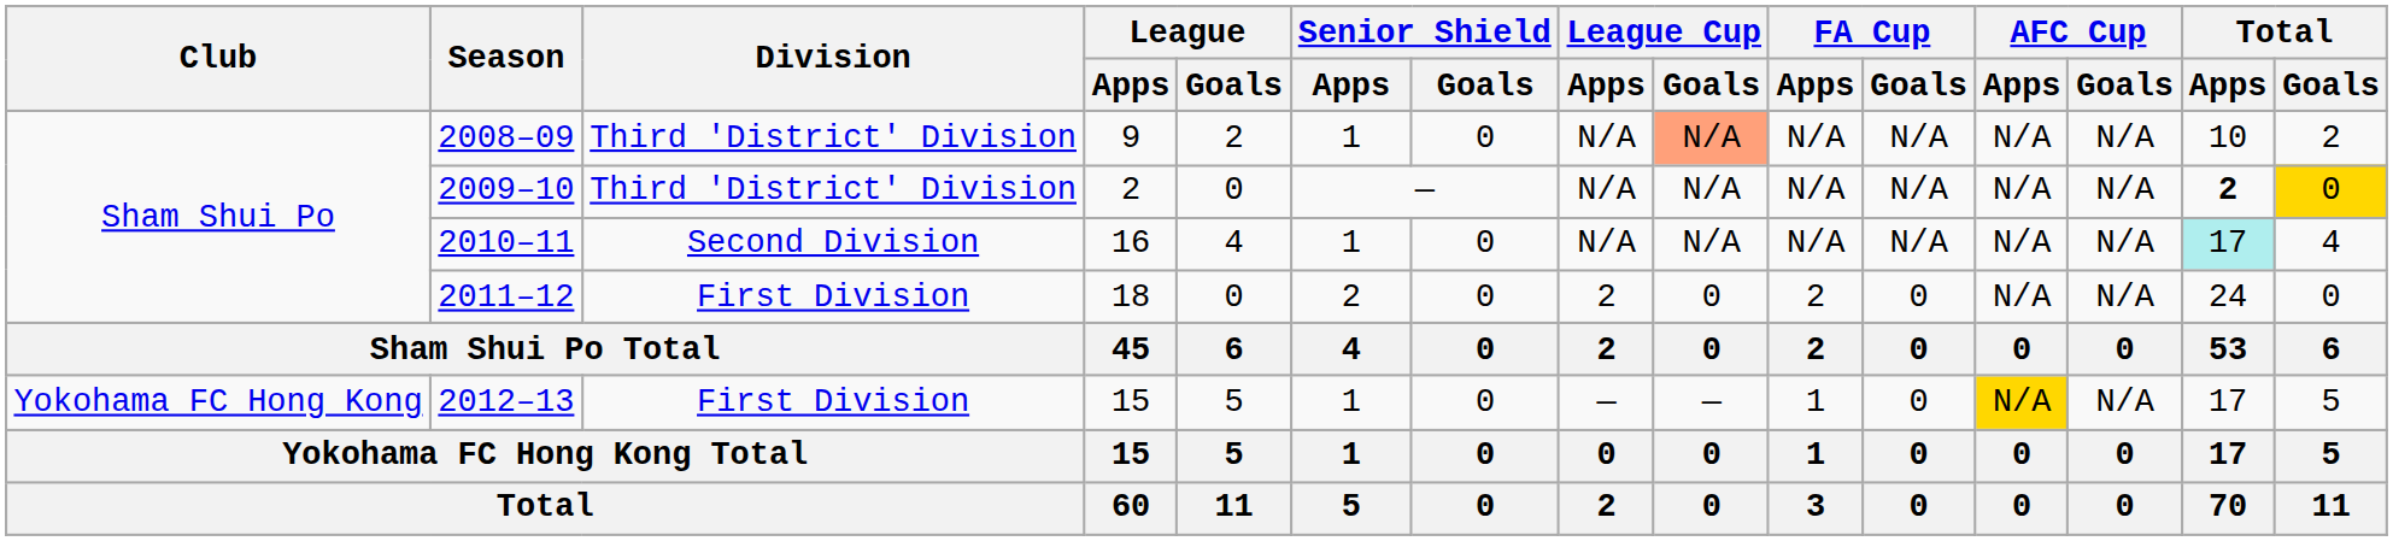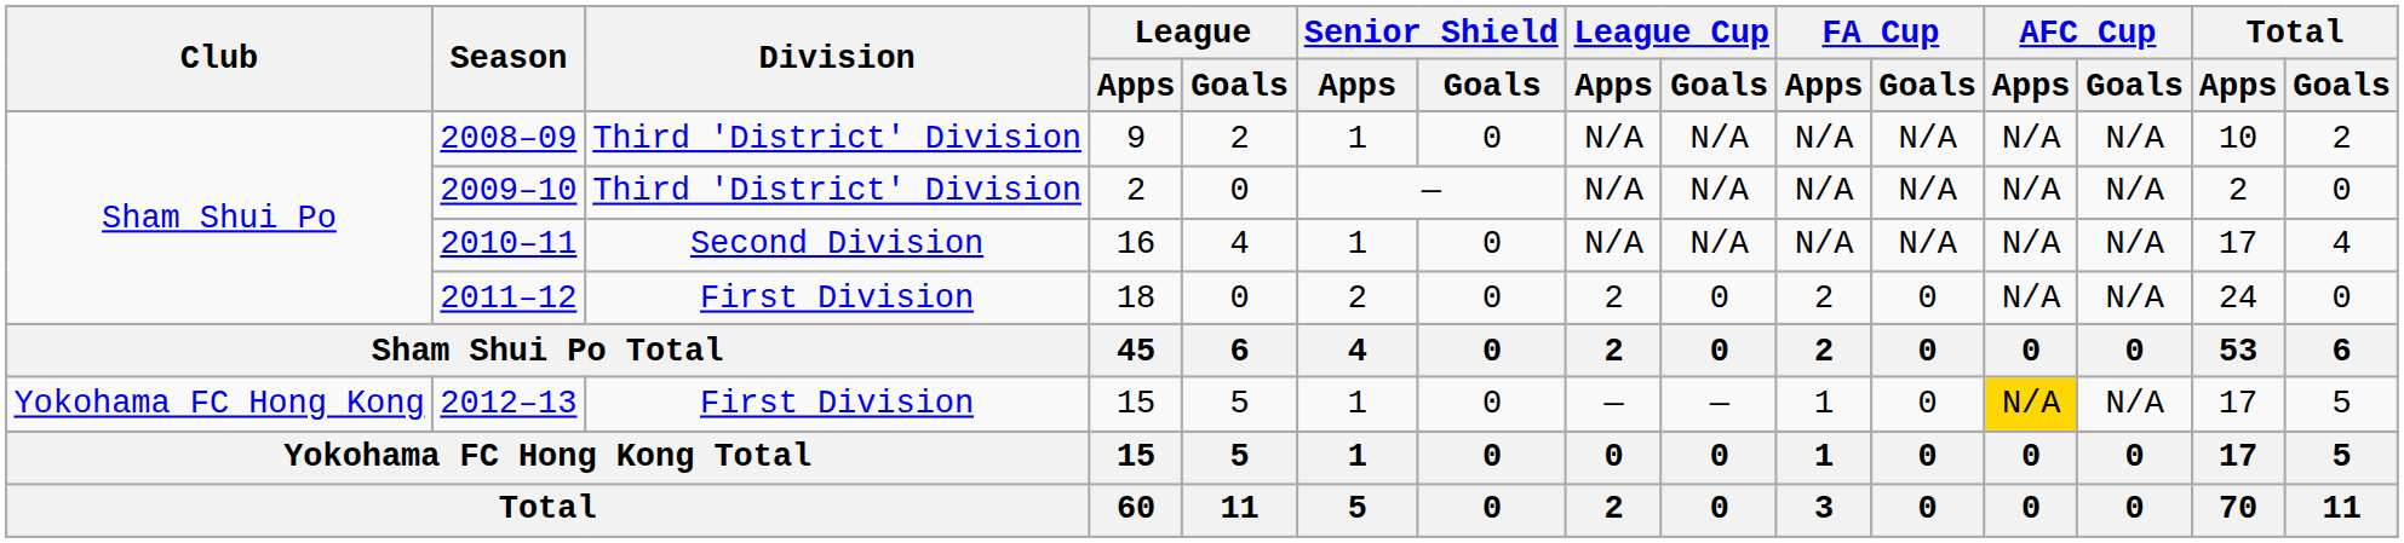 <table class="wikitable" style="text-align: center;">
 <tr>
 <th rowspan="2">Club</th>
 <th rowspan="2">Season</th>
 <th rowspan="2">Division</th>
 <th colspan="2">League</th>
 <th colspan="2"><a href='#'>Senior Shield</a></th>
 <th colspan="2"><a href='#'>League Cup</a></th>
 <th colspan="2"><a href='#'>FA Cup</a></th>
 <th colspan="2"><a href='#'>AFC Cup</a></th>
 <th colspan="2">Total</th>
 </tr>
 <tr>
 <th>Apps</th>
 <th>Goals</th>
 <th>Apps</th>
 <th>Goals</th>
 <th>Apps</th>
 <th>Goals</th>
 <th>Apps</th>
 <th>Goals</th>
 <th>Apps</th>
 <th>Goals</th>
 <th>Apps</th>
 <th>Goals</th>
 </tr>
 <tr>
 <td rowspan="4" valign="center"><a href='#'>Sham Shui Po</a></td>
 <td><a href='#'>2008–09</a></td>
 <td><a href='#'>Third 'District' Division</a></td>
 <td>9</td>
 <td>2</td>
 <td>1</td>
 <td>0</td>
 <td>N/A</td>
-<td style="background: lightsalmon;">N/A</td>
+<td>N/A</td>
 <td>N/A</td>
 <td>N/A</td>
 <td>N/A</td>
 <td>N/A</td>
 <td>10</td>
 <td>2</td>
 </tr>
 <tr>
 <td><a href='#'>2009–10</a></td>
 <td><a href='#'>Third 'District' Division</a></td>
 <td>2</td>
 <td>0</td>
 <td colspan="2">—</td>
 <td>N/A</td>
 <td>N/A</td>
 <td>N/A</td>
 <td>N/A</td>
 <td>N/A</td>
 <td>N/A</td>
-<td><strong>2</strong></td>
-<td style="background: gold;">0</td>
+<td>2</td>
+<td>0</td>
 </tr>
 <tr>
 <td><a href='#'>2010–11</a></td>
 <td><a href='#'>Second Division</a></td>
 <td>16</td>
 <td>4</td>
 <td>1</td>
 <td>0</td>
 <td>N/A</td>
 <td>N/A</td>
 <td>N/A</td>
 <td>N/A</td>
 <td>N/A</td>
 <td>N/A</td>
-<td style="background: paleturquoise;">17</td>
+<td>17</td>
 <td>4</td>
 </tr>
 <tr>
 <td><a href='#'>2011–12</a></td>
 <td><a href='#'>First Division</a></td>
 <td>18</td>
 <td>0</td>
 <td>2</td>
 <td>0</td>
 <td>2</td>
 <td>0</td>
 <td>2</td>
 <td>0</td>
 <td>N/A</td>
 <td>N/A</td>
 <td>24</td>
 <td>0</td>
 </tr>
 <tr>
 <th colspan="3">Sham Shui Po Total</th>
 <th>45</th>
 <th>6</th>
 <th>4</th>
 <th>0</th>
 <th>2</th>
 <th>0</th>
 <th>2</th>
 <th>0</th>
 <th>0</th>
 <th>0</th>
 <th>53</th>
 <th>6</th>
 </tr>
 <tr>
 <td rowspan="1" valign="center"><a href='#'>Yokohama FC Hong Kong</a></td>
 <td><a href='#'>2012–13</a></td>
 <td><a href='#'>First Division</a></td>
 <td>15</td>
 <td>5</td>
 <td>1</td>
 <td>0</td>
 <td>—</td>
 <td>—</td>
 <td>1</td>
 <td>0</td>
 <td style="background: gold;">N/A</td>
 <td>N/A</td>
 <td>17</td>
 <td>5</td>
 </tr>
 <tr>
 <th colspan="3">Yokohama FC Hong Kong Total</th>
 <th>15</th>
 <th>5</th>
 <th>1</th>
 <th>0</th>
 <th>0</th>
 <th>0</th>
 <th>1</th>
 <th>0</th>
 <th>0</th>
 <th>0</th>
 <th>17</th>
 <th>5</th>
 </tr>
 <tr>
 <th colspan="3">Total</th>
 <th>60</th>
 <th>11</th>
 <th>5</th>
 <th>0</th>
 <th>2</th>
 <th>0</th>
 <th>3</th>
 <th>0</th>
 <th>0</th>
 <th>0</th>
 <th>70</th>
 <th>11</th>
 </tr>
 </table>
